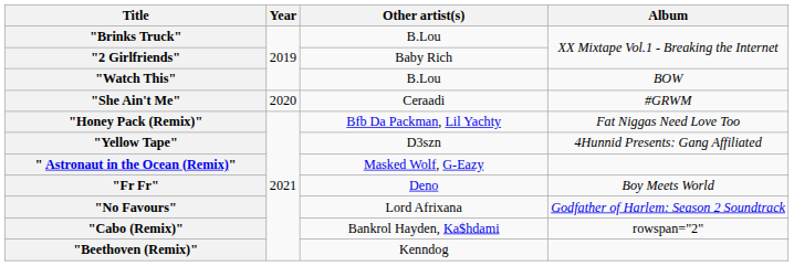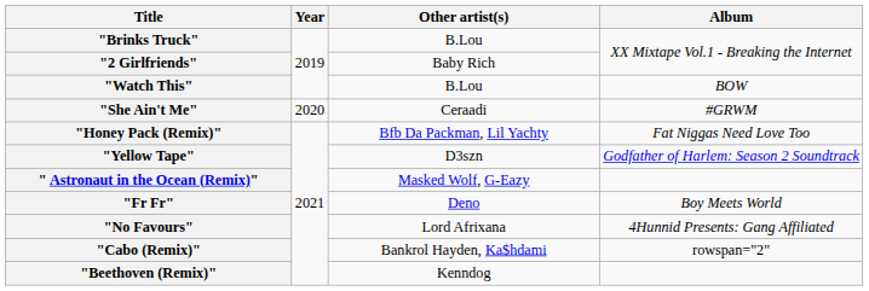 <table class="wikitable plainrowheaders" style="text-align:center;">
 <tr>
 <th scope="col" style="width:19em;">Title</th>
 <th scope="col" style="width:1em;">Year</th>
 <th scope="col" style="width:18em;">Other artist(s)</th>
 <th scope="col">Album</th>
 </tr>
 <tr>
 <th scope="row">"Brinks Truck"</th>
 <td rowspan="3">2019</td>
 <td>B.Lou</td>
 <td rowspan="2"><em>XX Mixtape Vol.1 - Breaking the Internet</em></td>
 </tr>
 <tr>
 <th scope="row">"2 Girlfriends"</th>
 <td>Baby Rich</td>
 </tr>
 <tr>
 <th scope="row">"Watch This"</th>
 <td>B.Lou</td>
 <td><em>BOW</em></td>
 </tr>
 <tr>
 <th scope="row">"She Ain't Me"</th>
 <td>2020</td>
 <td>Ceraadi</td>
 <td><em>#GRWM</em></td>
 </tr>
 <tr>
 <th scope="row">"Honey Pack (Remix)"</th>
 <td rowspan="7">2021</td>
 <td><a href='#'>Bfb Da Packman</a>, <a href='#'>Lil Yachty</a></td>
 <td><em>Fat Niggas Need Love Too</em></td>
 </tr>
 <tr>
 <th scope="row">"Yellow Tape"</th>
 <td>D3szn</td>
-<td><em>4Hunnid Presents: Gang Affiliated</em></td>
+<td><em><a href='#'>Godfather of Harlem: Season 2 Soundtrack</a></em></td>
 </tr>
 <tr>
 <th scope="row">" <a href='#'>Astronaut in the Ocean (Remix)</a>"</th>
 <td><a href='#'>Masked Wolf</a>, <a href='#'>G-Eazy</a></td>
 <td></td>
 </tr>
 <tr>
 <th scope="row">"Fr Fr"</th>
 <td><a href='#'>Deno</a></td>
 <td><em>Boy Meets World</em></td>
 </tr>
 <tr>
 <th scope="row">"No Favours"</th>
 <td>Lord Afrixana</td>
-<td><em><a href='#'>Godfather of Harlem: Season 2 Soundtrack</a></em></td>
+<td><em>4Hunnid Presents: Gang Affiliated</em></td>
 </tr>
 <tr>
 <th scope="row">"Cabo (Remix)"</th>
 <td>Bankrol Hayden, <a href='#'>Ka$hdami</a></td>
 <td>rowspan="2" </td>
 </tr>
 <tr>
 <th scope="row">"Beethoven (Remix)"</th>
 <td>Kenndog</td>
 </tr>
 </table>
